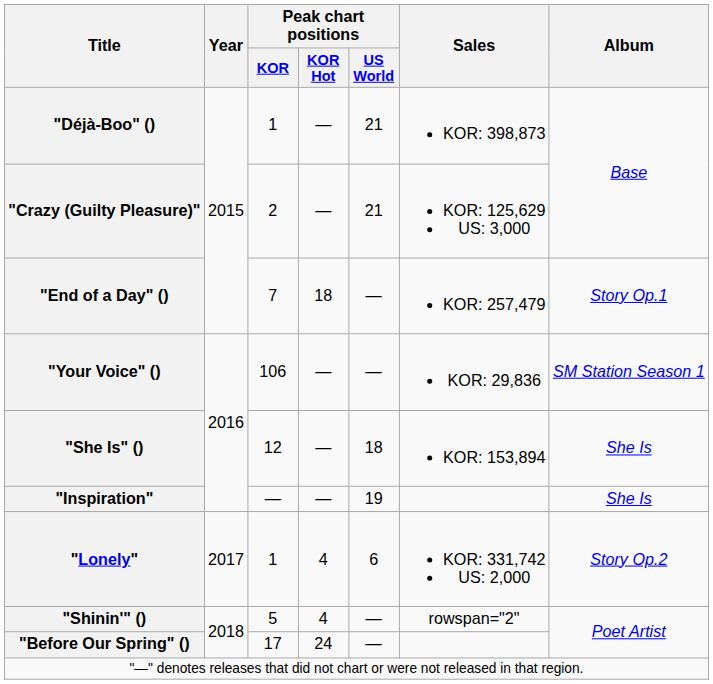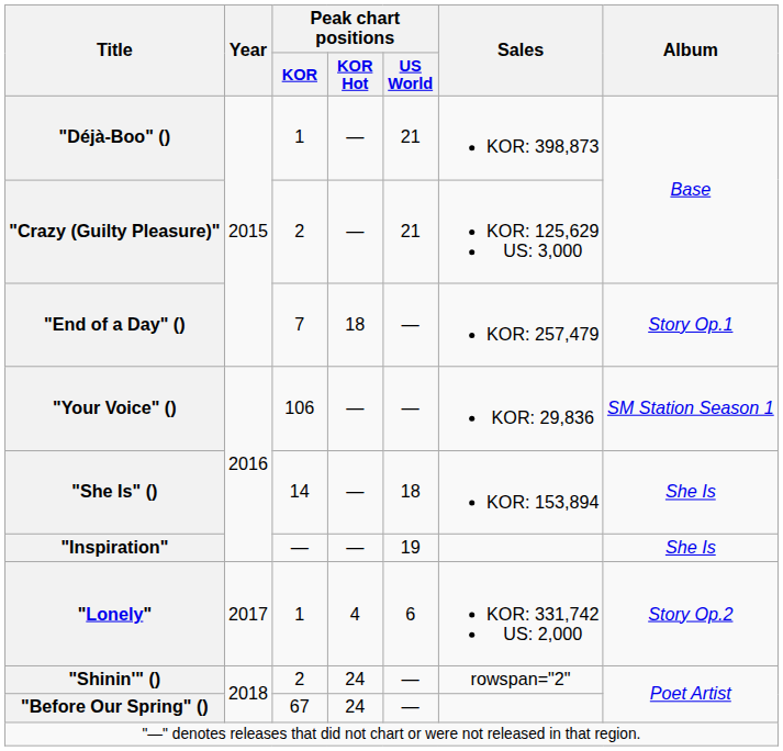 <table class="wikitable plainrowheaders" style="text-align:center;">
 <tr>
 <th scope="col" rowspan="2">Title</th>
 <th scope="col" rowspan="2">Year</th>
 <th scope="col" colspan="3">Peak chart positions</th>
 <th scope="col" rowspan="2">Sales</th>
 <th scope="col" rowspan="2">Album</th>
 </tr>
 <tr>
 <th scope="col" style="width:3em;font-size:90%;"><a href='#'>KOR</a><br></th>
 <th scope="col" style="width:3em;font-size:90%;"><a href='#'>KOR<br>Hot</a><br></th>
 <th scope="col" style="width:3em;font-size:90%;"><a href='#'>US<br>World</a><br></th>
 </tr>
 <tr>
 <th scope="row">"Déjà-Boo" ()<br></th>
 <td rowspan="3">2015</td>
 <td>1</td>
 <td>—</td>
 <td>21</td>
 <td><br><ul><li>KOR: 398,873</li></ul></td>
 <td rowspan="2"><em><a href='#'>Base</a></em></td>
 </tr>
 <tr>
 <th scope="row">"Crazy (Guilty Pleasure)"<br></th>
 <td>2</td>
 <td>—</td>
 <td>21</td>
 <td><br><ul><li>KOR: 125,629</li><li>US: 3,000</li></ul></td>
 </tr>
 <tr>
 <th scope="row">"End of a Day" ()</th>
 <td>7</td>
 <td>18</td>
 <td>—</td>
 <td><br><ul><li>KOR: 257,479</li></ul></td>
 <td><em><a href='#'>Story Op.1</a></em></td>
 </tr>
 <tr>
 <th scope="row">"Your Voice" ()<br></th>
 <td rowspan="3">2016</td>
 <td>106</td>
 <td>—</td>
 <td>—</td>
 <td><br><ul><li>KOR: 29,836</li></ul></td>
 <td><em><a href='#'>SM Station Season 1</a></em></td>
 </tr>
 <tr>
 <th scope="row">"She Is" ()</th>
-<td>12</td>
+<td>14</td>
 <td>—</td>
 <td>18</td>
 <td><br><ul><li>KOR: 153,894</li></ul></td>
 <td><em><a href='#'>She Is</a></em></td>
 </tr>
 <tr>
 <th scope="row">"Inspiration"</th>
 <td>—</td>
 <td>—</td>
 <td>19</td>
 <td></td>
 <td><em><a href='#'>She Is</a></em></td>
 </tr>
 <tr>
 <th scope="row">"<a href='#'>Lonely</a>"<br></th>
 <td>2017</td>
 <td>1</td>
 <td>4</td>
 <td>6</td>
 <td><br><ul><li>KOR: 331,742</li><li>US: 2,000</li></ul></td>
 <td><em><a href='#'>Story Op.2</a></em></td>
 </tr>
 <tr>
 <th scope="row">"Shinin'" ()</th>
 <td rowspan="2">2018</td>
-<td>5</td>
-<td>4</td>
+<td>2</td>
+<td>24</td>
 <td>—</td>
 <td>rowspan="2" </td>
 <td rowspan="2"><em><a href='#'>Poet  Artist</a></em></td>
 </tr>
 <tr>
 <th scope="row">"Before Our Spring" ()</th>
-<td>17</td>
+<td>67</td>
 <td>24</td>
 <td>—</td>
 </tr>
 <tr>
 <td colspan="7" style="text-align:center; font-size:85%">"—" denotes releases that did not chart or were not released in that region.</td>
 </tr>
 </table>
